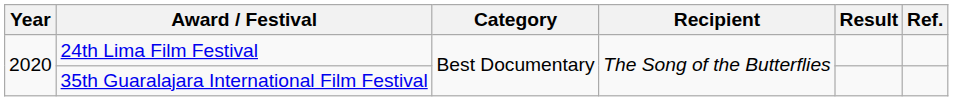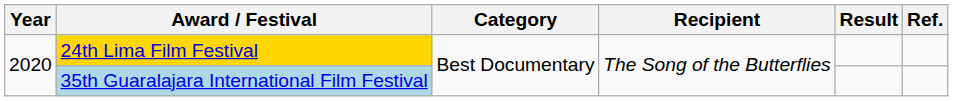 <table class="wikitable">
 <tr>
 <th>Year</th>
 <th>Award / Festival</th>
 <th>Category</th>
 <th>Recipient</th>
 <th>Result</th>
 <th>Ref.</th>
 </tr>
 <tr>
 <td rowspan="2">2020</td>
-<td><a href='#'>24th Lima Film Festival</a></td>
+<td style="background: gold;"><a href='#'>24th Lima Film Festival</a></td>
 <td rowspan="2">Best Documentary</td>
 <td rowspan="2"><em>The Song of the Butterflies</em></td>
 <td></td>
 <td></td>
 </tr>
 <tr>
-<td><a href='#'>35th Guaralajara International Film Festival</a></td>
+<td style="background: lightblue;"><a href='#'>35th Guaralajara International Film Festival</a></td>
 <td></td>
 <td></td>
 </tr>
 </table>
